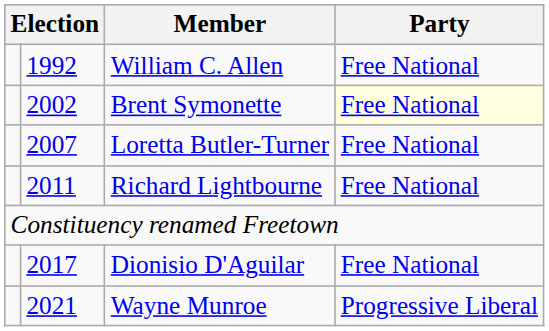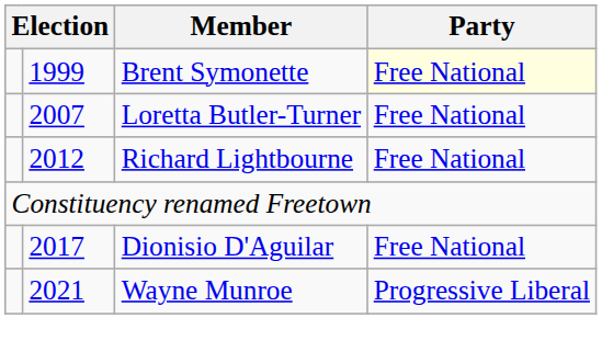 <table class="wikitable">
 <tr>
 <th colspan="2">Election</th>
 <th>Member</th>
 <th>Party</th>
 </tr>
 <tr>
 <td style="background-color: "></td>
-<td><a href='#'>1992</a></td>
-<td><a href='#'>William C. Allen</a></td>
-<td><a href='#'>Free National</a></td>
-</tr>
-<tr>
-<td style="background-color: "></td>
-<td><a href='#'>2002</a></td>
+<td><a href='#'>1999</a></td>
 <td><a href='#'>Brent Symonette</a></td>
 <td style="background: lightyellow;"><a href='#'>Free National</a></td>
 </tr>
 <tr>
 <td style="background-color: "></td>
 <td><a href='#'>2007</a></td>
 <td><a href='#'>Loretta Butler-Turner</a></td>
 <td><a href='#'>Free National</a></td>
 </tr>
 <tr>
 <td style="background-color: "></td>
-<td><a href='#'>2011</a></td>
+<td><a href='#'>2012</a></td>
 <td><a href='#'>Richard Lightbourne</a></td>
 <td><a href='#'>Free National</a></td>
 </tr>
 <tr>
 <td colspan=4><em>Constituency renamed Freetown</em></td>
 </tr>
 <tr>
 <td style="background-color: "></td>
 <td><a href='#'>2017</a></td>
 <td><a href='#'>Dionisio D'Aguilar</a></td>
 <td><a href='#'>Free National</a></td>
 </tr>
 <tr>
 <td style="background-color: "></td>
 <td><a href='#'>2021</a></td>
 <td><a href='#'>Wayne Munroe</a></td>
 <td><a href='#'>Progressive Liberal</a></td>
 </tr>
 </table>
